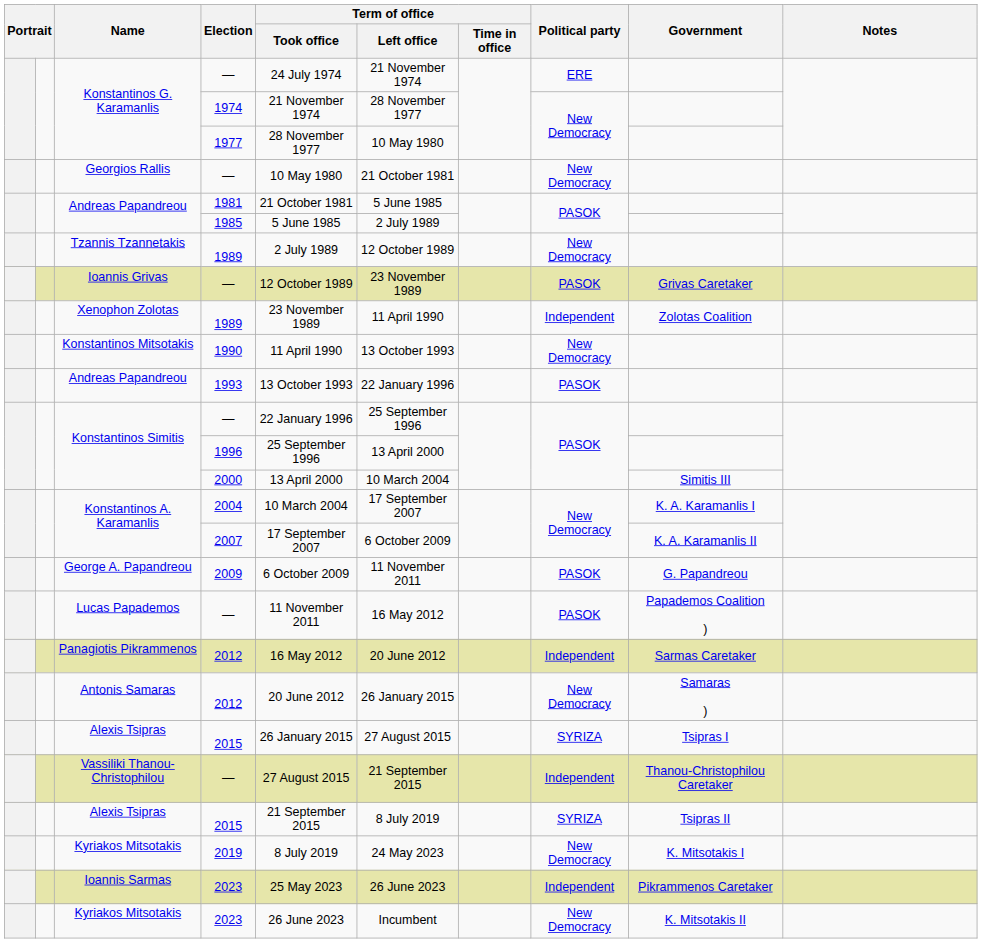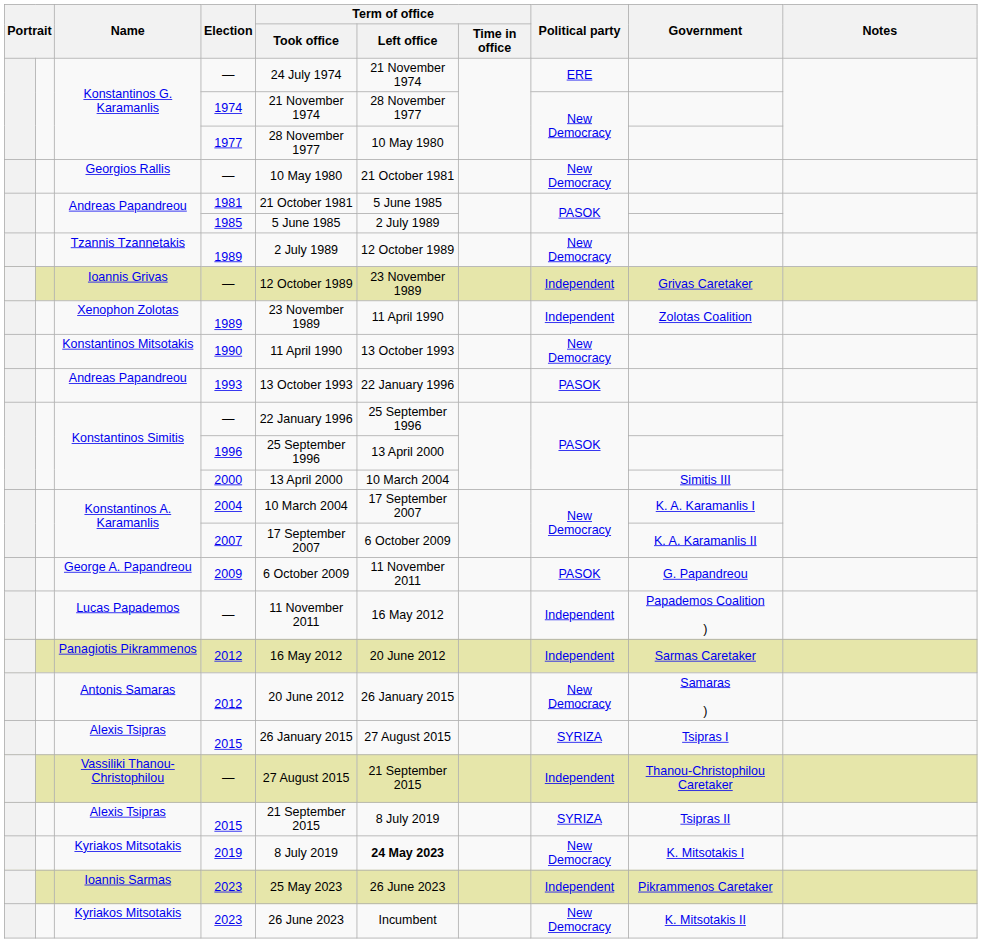 <table class=wikitable style=text-align:center>
 <tr>
 <th colspan="2" rowspan="2">Portrait</th>
 <th rowspan="2">Name<br></th>
 <th rowspan="2" style="width:5%;">Election</th>
 <th colspan="3">Term of office</th>
 <th rowspan="2" style="width:10%;">Political party</th>
 <th rowspan="2">Government<br></th>
 <th rowspan="2" style="width:20%;">Notes</th>
 </tr>
 <tr>
 <th>Took office</th>
 <th>Left office</th>
 <th>Time in office</th>
 </tr>
 <tr>
 <th rowspan="3" style="background:"> </th>
 <td rowspan="3"></td>
 <td rowspan="3"><a href='#'>Konstantinos G. Karamanlis</a><br><br></td>
 <td>—</td>
 <td>24 July 1974</td>
 <td>21 November 1974</td>
 <td rowspan="3"></td>
 <td><a href='#'>ERE</a></td>
 <td><br></td>
 <td rowspan="3"></td>
 </tr>
 <tr>
 <td><a href='#'>1974</a></td>
 <td>21 November 1974</td>
 <td>28 November 1977</td>
 <td rowspan="2"><a href='#'>New Democracy</a></td>
 <td></td>
 </tr>
 <tr>
 <td><a href='#'>1977</a></td>
 <td>28 November 1977</td>
 <td>10 May 1980</td>
 <td></td>
 </tr>
 <tr>
 <th style="background:"></th>
 <td></td>
 <td><a href='#'>Georgios Rallis</a><br><br></td>
 <td>—</td>
 <td>10 May 1980</td>
 <td>21 October 1981</td>
 <td></td>
 <td><a href='#'>New Democracy</a></td>
 <td></td>
 <td></td>
 </tr>
 <tr>
 <th rowspan="2" style="background:"></th>
 <td rowspan="2"></td>
 <td rowspan="2"><a href='#'>Andreas Papandreou</a><br><br></td>
 <td><a href='#'>1981</a></td>
 <td>21 October 1981</td>
 <td>5 June 1985</td>
 <td rowspan="2"></td>
 <td rowspan="2"><a href='#'>PASOK</a></td>
 <td></td>
 <td rowspan="2"></td>
 </tr>
 <tr>
 <td><a href='#'>1985</a></td>
 <td>5 June 1985</td>
 <td>2 July 1989</td>
 <td></td>
 </tr>
 <tr>
 <th style="background:"></th>
 <td></td>
 <td><a href='#'>Tzannis Tzannetakis</a><br><br></td>
 <td><a href='#'><br>1989</a></td>
 <td>2 July 1989</td>
 <td>12 October 1989</td>
 <td></td>
 <td><a href='#'>New Democracy</a></td>
 <td><br></td>
 <td></td>
 </tr>
 <tr style="background:#e6e6aa;">
 <th style="background:"></th>
 <td></td>
 <td><a href='#'>Ioannis Grivas</a><br><br></td>
 <td>—</td>
 <td>12 October 1989</td>
 <td>23 November 1989</td>
 <td></td>
-<td><a href='#'>PASOK</a></td>
+<td><a href='#'>Independent</a></td>
 <td><a href='#'>Grivas Caretaker</a></td>
 <td></td>
 </tr>
 <tr>
 <th style="background:"></th>
 <td></td>
 <td><a href='#'>Xenophon Zolotas</a><br><br></td>
 <td><a href='#'><br>1989</a></td>
 <td>23 November 1989</td>
 <td>11 April 1990</td>
 <td></td>
 <td><a href='#'>Independent</a></td>
 <td><a href='#'>Zolotas Coalition</a><br></td>
 <td></td>
 </tr>
 <tr>
 <th style="background:"></th>
 <td></td>
 <td><a href='#'>Konstantinos Mitsotakis</a><br><br></td>
 <td><a href='#'>1990</a></td>
 <td>11 April 1990</td>
 <td>13 October 1993</td>
 <td></td>
 <td><a href='#'>New Democracy</a></td>
 <td></td>
 <td></td>
 </tr>
 <tr>
 <th style="background:"></th>
 <td></td>
 <td><a href='#'>Andreas Papandreou</a><br><br></td>
 <td><a href='#'>1993</a></td>
 <td>13 October 1993</td>
 <td>22 January 1996</td>
 <td></td>
 <td><a href='#'>PASOK</a></td>
 <td></td>
 <td></td>
 </tr>
 <tr>
 <th rowspan="3" style="background:"></th>
 <td rowspan="3"></td>
 <td rowspan="3"><a href='#'>Konstantinos Simitis</a><br><br></td>
 <td>—</td>
 <td>22 January 1996</td>
 <td>25 September 1996</td>
 <td rowspan="3"></td>
 <td rowspan="3"><a href='#'>PASOK</a></td>
 <td></td>
 <td rowspan="3"></td>
 </tr>
 <tr>
 <td><a href='#'>1996</a></td>
 <td>25 September 1996</td>
 <td>13 April 2000</td>
 <td></td>
 </tr>
 <tr>
 <td><a href='#'>2000</a></td>
 <td>13 April 2000</td>
 <td>10 March 2004</td>
 <td><a href='#'>Simitis III</a></td>
 </tr>
 <tr>
 <th rowspan="2" style="background:"></th>
 <td rowspan="2"></td>
 <td rowspan="2"><a href='#'>Konstantinos A. Karamanlis</a><br><br></td>
 <td><a href='#'>2004</a></td>
 <td>10 March 2004</td>
 <td>17 September 2007</td>
 <td rowspan="2"></td>
 <td rowspan="2"><a href='#'>New Democracy</a></td>
 <td><a href='#'>K. A. Karamanlis I</a></td>
 <td rowspan="2"></td>
 </tr>
 <tr>
 <td><a href='#'>2007</a></td>
 <td>17 September 2007</td>
 <td>6 October 2009</td>
 <td><a href='#'>K. A. Karamanlis II</a></td>
 </tr>
 <tr>
 <th style="background:"></th>
 <td></td>
 <td><a href='#'>George A. Papandreou</a><br><br></td>
 <td><a href='#'>2009</a></td>
 <td>6 October 2009</td>
 <td>11 November 2011</td>
 <td></td>
 <td><a href='#'>PASOK</a></td>
 <td><a href='#'>G. Papandreou</a></td>
 <td></td>
 </tr>
 <tr>
 <th style="background:"></th>
 <td></td>
 <td><a href='#'>Lucas Papademos</a><br><br></td>
 <td>—</td>
 <td>11 November 2011</td>
 <td>16 May 2012</td>
 <td></td>
-<td><a href='#'>PASOK</a></td>
+<td><a href='#'>Independent</a></td>
 <td><a href='#'>Papademos Coalition</a><br><br>)</td>
 <td></td>
 </tr>
 <tr style="background:#e6e6aa;">
 <th style="background:"></th>
 <td></td>
 <td><a href='#'>Panagiotis Pikrammenos</a><br><br></td>
 <td><a href='#'> 2012</a></td>
 <td>16 May 2012</td>
 <td>20 June 2012</td>
 <td></td>
 <td><a href='#'>Independent</a></td>
 <td><a href='#'>Sarmas Caretaker</a></td>
 <td></td>
 </tr>
 <tr>
 <th style="background:"></th>
 <td></td>
 <td><a href='#'>Antonis Samaras</a><br><br></td>
 <td><a href='#'><br>2012</a></td>
 <td>20 June 2012</td>
 <td>26 January 2015</td>
 <td></td>
 <td><a href='#'>New Democracy</a></td>
 <td><a href='#'>Samaras</a><br><br>)</td>
 <td></td>
 </tr>
 <tr>
 <th style="background:"></th>
 <td></td>
 <td><a href='#'>Alexis Tsipras</a><br><br></td>
 <td><a href='#'><br>2015</a></td>
 <td>26 January 2015</td>
 <td>27 August 2015</td>
 <td></td>
 <td><a href='#'>SYRIZA</a></td>
 <td><a href='#'>Tsipras I</a><br></td>
 <td></td>
 </tr>
 <tr style="background:#e6e6aa;">
 <th style="background:"></th>
 <td></td>
 <td><a href='#'>Vassiliki Thanou-Christophilou</a><br><br></td>
 <td>—</td>
 <td>27 August 2015</td>
 <td>21 September 2015</td>
 <td></td>
 <td><a href='#'>Independent</a></td>
 <td><a href='#'>Thanou-Christophilou Caretaker</a></td>
 <td></td>
 </tr>
 <tr>
 <th style="background:"></th>
 <td></td>
 <td><a href='#'>Alexis Tsipras</a><br><br></td>
 <td><a href='#'><br>2015</a></td>
 <td>21 September 2015</td>
 <td>8 July 2019</td>
 <td></td>
 <td><a href='#'>SYRIZA</a></td>
 <td><a href='#'>Tsipras II</a><br></td>
 <td></td>
 </tr>
 <tr>
 <th style="background:"></th>
 <td></td>
 <td><a href='#'>Kyriakos Mitsotakis</a><br><br></td>
 <td><a href='#'>2019</a></td>
 <td>8 July 2019</td>
-<td>24 May 2023 </td>
+<td><strong>24 May 2023 </strong></td>
 <td></td>
 <td><a href='#'>New Democracy</a></td>
 <td><a href='#'>K. Mitsotakis I</a></td>
 <td></td>
 </tr>
 <tr style="background:#e6e6aa;">
 <th style="background:"></th>
 <td></td>
 <td><a href='#'>Ioannis Sarmas</a><br><br></td>
 <td><a href='#'> 2023</a></td>
 <td>25 May 2023</td>
 <td>26 June 2023</td>
 <td></td>
 <td><a href='#'>Independent</a></td>
 <td><a href='#'>Pikrammenos Caretaker</a></td>
 <td></td>
 </tr>
 <tr>
 <th style="background:"></th>
 <td></td>
 <td><a href='#'>Kyriakos Mitsotakis</a><br><br></td>
 <td><a href='#'> 2023</a></td>
 <td>26 June 2023</td>
 <td>Incumbent</td>
 <td></td>
 <td><a href='#'>New Democracy</a></td>
 <td><a href='#'>K. Mitsotakis II</a></td>
 <td></td>
 </tr>
 </table>
